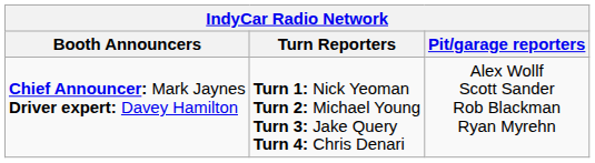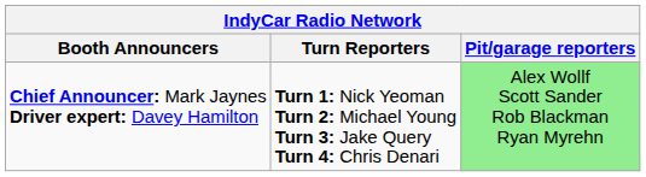 <table class="wikitable" style="font-size: 95%;">
 <tr>
 <th colspan=3><a href='#'>IndyCar Radio Network</a></th>
 </tr>
 <tr>
 <th>Booth Announcers</th>
 <th>Turn Reporters</th>
 <th><a href='#'>Pit/garage reporters</a></th>
 </tr>
 <tr>
 <td valign="top"><br><strong><a href='#'>Chief Announcer</a>:</strong> Mark Jaynes<br> <strong>Driver expert:</strong> <a href='#'>Davey Hamilton</a><br></td>
 <td valign="top"><br><strong>Turn 1:</strong> Nick Yeoman<br> <strong>Turn 2:</strong> Michael Young<br> <strong>Turn 3:</strong> Jake Query<br> <strong>Turn 4:</strong> Chris Denari<br></td>
-<td align="center" valign="top">Alex Wollf<br>Scott Sander<br>Rob Blackman<br>Ryan Myrehn</td>
+<td align="center" valign="top" style="background: lightgreen;">Alex Wollf<br>Scott Sander<br>Rob Blackman<br>Ryan Myrehn</td>
 </tr>
 </table>
